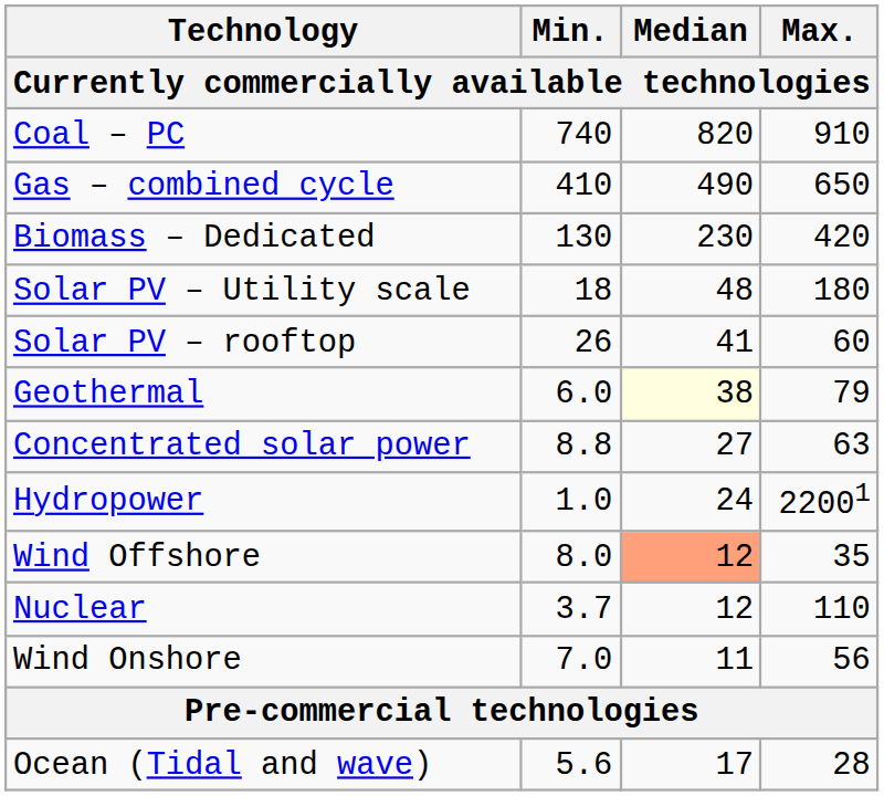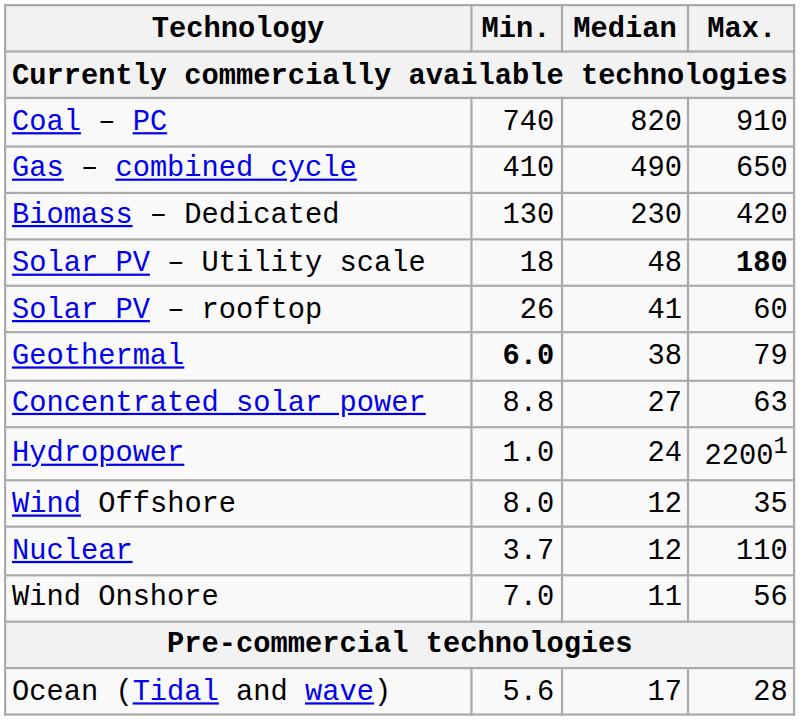 <table class="wikitable sortable">
 <tr>
 <th>Technology</th>
 <th>Min.</th>
 <th>Median</th>
 <th>Max.</th>
 </tr>
 <tr>
 <th colspan="4">Currently commercially available technologies</th>
 </tr>
 <tr>
 <td><a href='#'>Coal</a> – <a href='#'>PC</a></td>
 <td align="right">740</td>
 <td align="right">820</td>
 <td align="right">910</td>
 </tr>
 <tr>
 <td><a href='#'>Gas</a> – <a href='#'>combined cycle</a></td>
 <td align="right">410</td>
 <td align="right">490</td>
 <td align="right">650</td>
 </tr>
 <tr>
 <td><a href='#'>Biomass</a> – Dedicated</td>
 <td align="right">130</td>
 <td align="right">230</td>
 <td align="right">420</td>
 </tr>
 <tr>
 <td><a href='#'>Solar PV</a> – Utility scale</td>
 <td align="right">18</td>
 <td align="right">48</td>
-<td align="right">180</td>
+<td align="right"><strong>180</strong></td>
 </tr>
 <tr>
 <td><a href='#'>Solar PV</a> – rooftop</td>
 <td align="right">26</td>
 <td align="right">41</td>
 <td align="right">60</td>
 </tr>
 <tr>
 <td><a href='#'>Geothermal</a></td>
-<td align="right">6.0</td>
-<td align="right" style="background: lightyellow;">38</td>
+<td align="right"><strong>6.0</strong></td>
+<td align="right">38</td>
 <td align="right">79</td>
 </tr>
 <tr>
 <td><a href='#'>Concentrated solar power</a></td>
 <td align="right">8.8</td>
 <td align="right">27</td>
 <td align="right">63</td>
 </tr>
 <tr>
 <td><a href='#'>Hydropower</a></td>
 <td align="right">1.0</td>
 <td align="right">24</td>
 <td align="right">2200<sup>1</sup></td>
 </tr>
 <tr>
 <td><a href='#'>Wind</a> Offshore</td>
 <td align="right">8.0</td>
-<td align="right" style="background: lightsalmon;">12</td>
+<td align="right">12</td>
 <td align="right">35</td>
 </tr>
 <tr>
 <td><a href='#'>Nuclear</a></td>
 <td align="right">3.7</td>
 <td align="right">12</td>
 <td align="right">110</td>
 </tr>
 <tr>
 <td>Wind Onshore</td>
 <td align="right">7.0</td>
 <td align="right">11</td>
 <td align="right">56</td>
 </tr>
 <tr>
 <th colspan="4">Pre‐commercial technologies</th>
 </tr>
 <tr>
 <td>Ocean (<a href='#'>Tidal</a> and <a href='#'>wave</a>)</td>
 <td align="right">5.6</td>
 <td align="right">17</td>
 <td align="right">28</td>
 </tr>
 </table>
